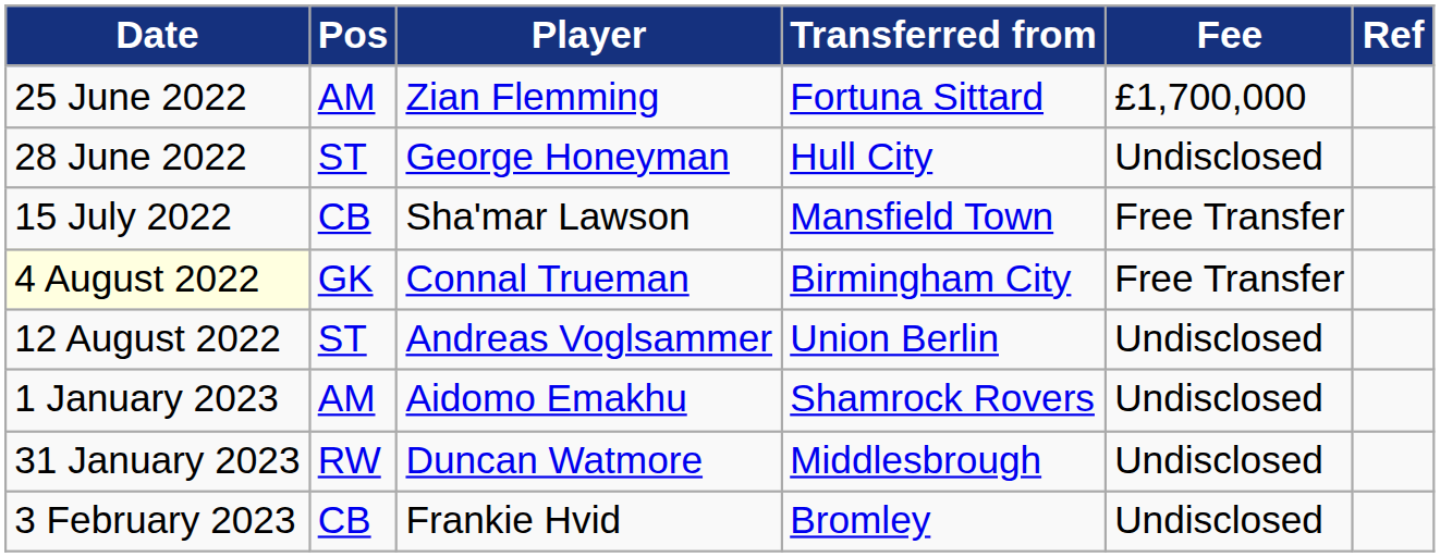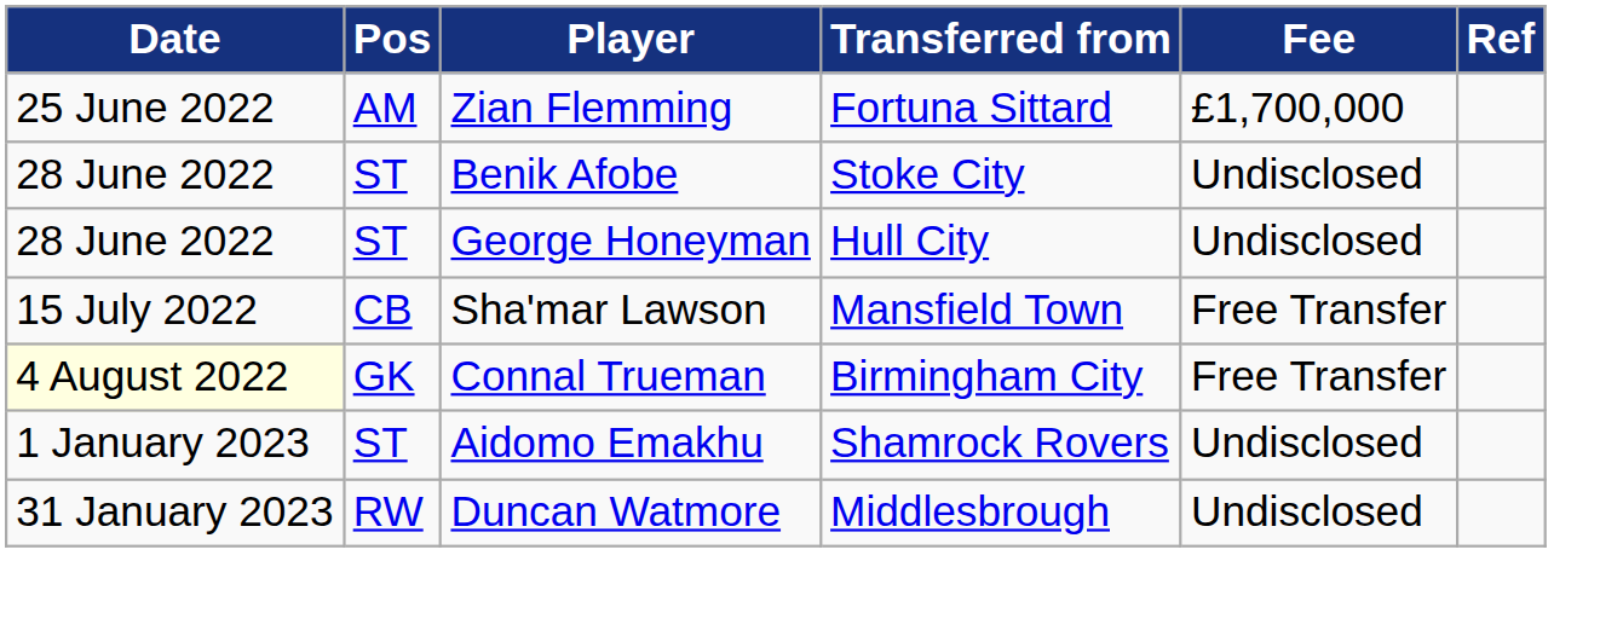 <table class="wikitable plainrowheaders sortable">
 <tr>
 <th style="background:#15317E; color:#ffffff; ">Date</th>
 <th style="background:#15317E; color:#ffffff; ">Pos</th>
 <th style="background:#15317E; color:#ffffff; ">Player</th>
 <th style="background:#15317E; color:#ffffff; ">Transferred from</th>
 <th style="background:#15317E; color:#ffffff; ">Fee</th>
 <th style="background:#15317E; color:#ffffff; ">Ref</th>
 </tr>
 <tr>
 <td>25 June 2022</td>
 <td><a href='#'>AM</a></td>
 <td> <a href='#'>Zian Flemming</a></td>
 <td> <a href='#'>Fortuna Sittard</a></td>
 <td>£1,700,000</td>
+<td></td>
+</tr>
+<tr>
+<td>28 June 2022</td>
+<td><a href='#'>ST</a></td>
+<td> <a href='#'>Benik Afobe</a></td>
+<td> <a href='#'>Stoke City</a></td>
+<td>Undisclosed</td>
 <td></td>
 </tr>
 <tr>
 <td>28 June 2022</td>
 <td><a href='#'>ST</a></td>
 <td> <a href='#'>George Honeyman</a></td>
 <td> <a href='#'>Hull City</a></td>
 <td>Undisclosed</td>
 <td></td>
 </tr>
 <tr>
 <td>15 July 2022</td>
 <td><a href='#'>CB</a></td>
 <td> Sha'mar Lawson</td>
 <td> <a href='#'>Mansfield Town</a></td>
 <td>Free Transfer</td>
 <td></td>
 </tr>
 <tr>
 <td style="background: lightyellow;">4 August 2022</td>
 <td><a href='#'>GK</a></td>
 <td> <a href='#'>Connal Trueman</a></td>
 <td> <a href='#'>Birmingham City</a></td>
 <td>Free Transfer</td>
 <td></td>
 </tr>
 <tr>
-<td>12 August 2022</td>
+<td>1 January 2023</td>
 <td><a href='#'>ST</a></td>
-<td> <a href='#'>Andreas Voglsammer</a></td>
-<td> <a href='#'>Union Berlin</a></td>
-<td>Undisclosed</td>
-<td></td>
-</tr>
-<tr>
-<td>1 January 2023</td>
-<td><a href='#'>AM</a></td>
 <td> <a href='#'>Aidomo Emakhu</a></td>
 <td> <a href='#'>Shamrock Rovers</a></td>
 <td>Undisclosed</td>
 <td></td>
 </tr>
 <tr>
 <td>31 January 2023</td>
 <td><a href='#'>RW</a></td>
 <td> <a href='#'>Duncan Watmore</a></td>
 <td> <a href='#'>Middlesbrough</a></td>
 <td>Undisclosed</td>
 <td></td>
 </tr>
-<tr>
-<td>3 February 2023</td>
-<td><a href='#'>CB</a></td>
-<td> Frankie Hvid</td>
-<td> <a href='#'>Bromley</a></td>
-<td>Undisclosed</td>
-<td></td>
-</tr>
 </table>
